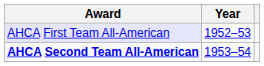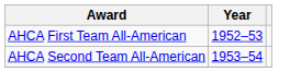 <table class="wikitable">
 <tr>
 <th>Award</th>
 <th>Year</th>
 <th></th>
 </tr>
 <tr>
-<td style="background: lavender;"><a href='#'>AHCA</a> <a href='#'>First Team All-American</a></td>
+<td><a href='#'>AHCA</a> <a href='#'>First Team All-American</a></td>
 <td><a href='#'>1952–53</a></td>
 <td></td>
 </tr>
 <tr>
-<td><strong><a href='#'>AHCA</a> <a href='#'>Second Team All-American</a></strong></td>
+<td><a href='#'>AHCA</a> <a href='#'>Second Team All-American</a></td>
 <td><a href='#'>1953–54</a></td>
 <td></td>
 </tr>
 <tr>
 </tr>
 </table>
